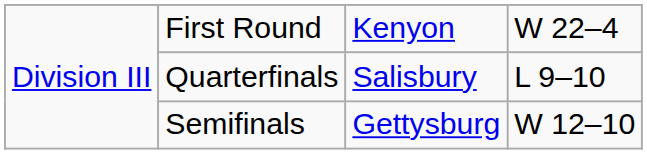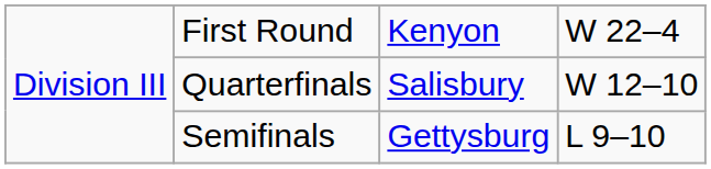 <table class="wikitable">
 <tr>
 <td rowspan="5"><a href='#'>Division III</a></td>
 <td>First Round</td>
 <td><a href='#'>Kenyon</a></td>
 <td>W 22–4</td>
 </tr>
 <tr>
 <td>Quarterfinals</td>
 <td><a href='#'>Salisbury</a></td>
-<td>L 9–10</td>
+<td>W 12–10</td>
 </tr>
 <tr>
 <td>Semifinals</td>
 <td><a href='#'>Gettysburg</a></td>
-<td>W 12–10</td>
+<td>L 9–10</td>
 </tr>
 </table>
